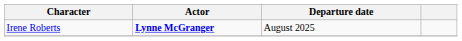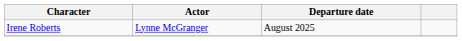 <table class="wikitable plainrowheaders sortable">
 <tr>
 <th width=200>Character</th>
 <th width=200>Actor</th>
 <th width=250>Departure date</th>
 <th width=50></th>
 </tr>
 <tr>
 <td><a href='#'>Irene Roberts</a></td>
-<td><strong><a href='#'>Lynne McGranger</a></strong></td>
+<td><a href='#'>Lynne McGranger</a></td>
 <td>August 2025</td>
 <td align="center"></td>
 </tr>
 <tr>
 </tr>
 </table>
